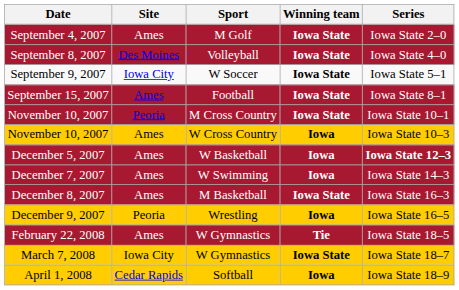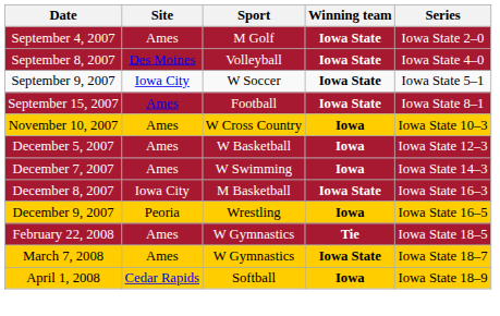 <table class="wikitable">
 <tr>
 <th>Date</th>
 <th>Site</th>
 <th>Sport</th>
 <th>Winning team</th>
 <th>Series</th>
 </tr>
 <tr align=center style="background: #A71930;color:white;">
 <td>September 4, 2007</td>
 <td>Ames</td>
 <td>M Golf</td>
 <td><strong>Iowa State</strong></td>
 <td>Iowa State 2–0</td>
 </tr>
 <tr align=center style="background: #A71930;color:white;">
 <td>September 8, 2007</td>
 <td><a href='#'><span>Des Moines</span></a></td>
 <td>Volleyball</td>
 <td><strong>Iowa State</strong></td>
 <td>Iowa State 4–0</td>
 </tr>
 <tr align=center style="background:">
 <td>September 9, 2007</td>
 <td><a href='#'><span>Iowa City</span></a></td>
 <td>W Soccer</td>
 <td><strong>Iowa State</strong></td>
 <td>Iowa State 5–1</td>
 </tr>
 <tr align=center style="background: #A71930;color:white;">
 <td>September 15, 2007</td>
 <td><a href='#'><span>Ames</span></a></td>
 <td>Football</td>
 <td><strong>Iowa State</strong></td>
 <td>Iowa State 8–1</td>
 </tr>
-<tr align=center style="background: #A71930;color:white;">
-<td>November 10, 2007</td>
-<td><a href='#'><span>Peoria</span></a></td>
-<td>M Cross Country</td>
-<td><strong>Iowa State</strong></td>
-<td>Iowa State 10–1</td>
-</tr>
 <tr align=center style="background: #FFCD00;color:black;">
 <td>November 10, 2007</td>
 <td>Ames</td>
 <td>W Cross Country</td>
 <td><strong>Iowa </strong></td>
 <td>Iowa State 10–3</td>
 </tr>
 <tr align=center style="background: #A71930;color:white;">
 <td>December 5, 2007</td>
 <td>Ames</td>
 <td>W Basketball</td>
 <td><strong>Iowa</strong></td>
-<td><strong>Iowa State 12–3</strong></td>
+<td>Iowa State 12–3</td>
 </tr>
 <tr align=center style="background: #A71930;color:white;">
 <td>December 7, 2007</td>
 <td>Ames</td>
 <td>W Swimming</td>
 <td><strong>Iowa</strong></td>
 <td>Iowa State 14–3</td>
 </tr>
 <tr align=center style="background: #A71930;color:white;">
 <td>December 8, 2007</td>
-<td>Ames</td>
+<td>Iowa City</td>
 <td>M Basketball</td>
 <td><strong>Iowa State</strong></td>
 <td>Iowa State 16–3</td>
 </tr>
 <tr align=center style="background: #FFCD00;color:black;">
 <td>December 9, 2007</td>
 <td>Peoria</td>
 <td>Wrestling</td>
 <td><strong>Iowa</strong></td>
 <td>Iowa State 16–5</td>
 </tr>
 <tr align=center style="background: #A71930;color:white;">
 <td>February 22, 2008</td>
 <td>Ames</td>
 <td>W Gymnastics</td>
 <td><strong>Tie</strong></td>
 <td>Iowa State 18–5</td>
 </tr>
 <tr align=center style="background: #FFCD00;color:black;">
 <td>March 7, 2008</td>
-<td>Iowa City</td>
+<td>Ames</td>
 <td>W Gymnastics</td>
 <td><strong>Iowa State</strong></td>
 <td>Iowa State 18–7</td>
 </tr>
 <tr align=center style="background: #FFCD00;color:black;">
 <td>April 1, 2008</td>
 <td><a href='#'><span>Cedar Rapids</span></a></td>
 <td>Softball</td>
 <td><strong>Iowa</strong></td>
 <td>Iowa State 18–9</td>
 </tr>
 </table>
